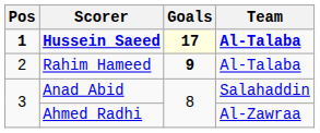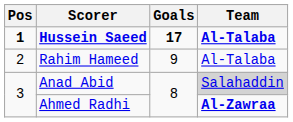 <table class="wikitable">
 <tr>
 <th>Pos</th>
 <th>Scorer</th>
 <th>Goals</th>
 <th>Team</th>
 </tr>
 <tr>
 <td align=center><strong>1</strong></td>
 <td><strong><a href='#'>Hussein Saeed</a></strong></td>
-<td align=center style="background: lightyellow;"><strong>17</strong></td>
+<td align=center><strong>17</strong></td>
 <td><strong><a href='#'>Al-Talaba</a></strong></td>
 </tr>
 <tr>
 <td align=center>2</td>
 <td><a href='#'>Rahim Hameed</a></td>
-<td align=center><strong>9</strong></td>
+<td align=center>9</td>
 <td><a href='#'>Al-Talaba</a></td>
 </tr>
 <tr>
 <td rowspan=2 align=center>3</td>
 <td><a href='#'>Anad Abid</a></td>
 <td rowspan=2 align=center>8</td>
-<td><a href='#'>Salahaddin</a></td>
+<td style="background: lightgrey;"><a href='#'>Salahaddin</a></td>
 </tr>
 <tr>
 <td><a href='#'>Ahmed Radhi</a></td>
-<td><a href='#'>Al-Zawraa</a></td>
+<td><strong><a href='#'>Al-Zawraa</a></strong></td>
 </tr>
 </table>
